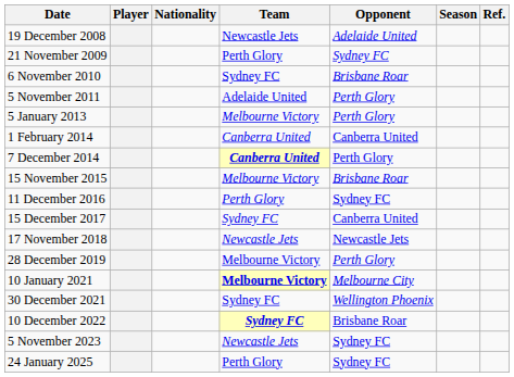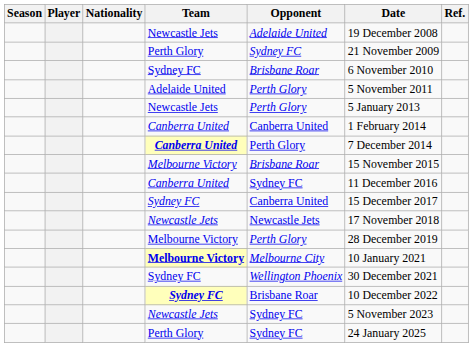 <table class="wikitable sortable plainrowheaders">
 <tr>
-<th>Date</th>
+<th>Season</th>
 <th>Player</th>
 <th>Nationality</th>
 <th>Team</th>
 <th>Opponent</th>
-<th>Season</th>
+<th>Date</th>
 <th class="unsortable">Ref.</th>
 </tr>
 <tr>
-<td>19 December 2008</td>
+<td></td>
 <th scope="row"></th>
 <td></td>
 <td><a href='#'>Newcastle Jets</a></td>
 <td><em><a href='#'>Adelaide United</a></em></td>
-<td></td>
+<td>19 December 2008</td>
 <td align="center"></td>
 </tr>
 <tr>
-<td>21 November 2009</td>
+<td></td>
 <th scope="row"></th>
 <td></td>
 <td><a href='#'>Perth Glory</a></td>
 <td><em><a href='#'>Sydney FC</a></em></td>
-<td></td>
+<td>21 November 2009</td>
 <td align="center"></td>
 </tr>
 <tr>
-<td>6 November 2010</td>
+<td></td>
 <th scope="row"></th>
 <td></td>
 <td><a href='#'>Sydney FC</a></td>
 <td><em><a href='#'>Brisbane Roar</a></em></td>
-<td></td>
+<td>6 November 2010</td>
 <td align="center"></td>
 </tr>
 <tr>
-<td>5 November 2011</td>
+<td></td>
 <th scope="row"></th>
 <td></td>
 <td><a href='#'>Adelaide United</a></td>
 <td><em><a href='#'>Perth Glory</a></em></td>
-<td></td>
+<td>5 November 2011</td>
 <td align="center"></td>
 </tr>
 <tr>
-<td>5 January 2013</td>
+<td></td>
 <th scope="row"></th>
 <td></td>
-<td><em><a href='#'>Melbourne Victory</a></em></td>
+<td><a href='#'>Newcastle Jets</a></td>
 <td><em><a href='#'>Perth Glory</a></em></td>
-<td></td>
+<td>5 January 2013</td>
 <td align="center"></td>
 </tr>
 <tr>
-<td>1 February 2014</td>
+<td></td>
 <th scope="row"></th>
 <td></td>
 <td><em><a href='#'>Canberra United</a></em></td>
 <td><a href='#'>Canberra United</a></td>
-<td></td>
+<td>1 February 2014</td>
 <td align="center"></td>
 </tr>
 <tr>
-<td>7 December 2014</td>
+<td></td>
 <th scope="row"></th>
 <td></td>
 <th scope="row" style="background:#FFFFBB"><em><a href='#'>Canberra United</a></em> </th>
 <td><a href='#'>Perth Glory</a></td>
-<td></td>
+<td>7 December 2014</td>
 <td align="center"></td>
 </tr>
 <tr>
-<td>15 November 2015</td>
+<td></td>
 <th scope="row"></th>
 <td></td>
 <td><em><a href='#'>Melbourne Victory</a></em></td>
 <td><em><a href='#'>Brisbane Roar</a></em></td>
-<td></td>
+<td>15 November 2015</td>
 <td align="center"></td>
 </tr>
 <tr>
-<td>11 December 2016</td>
+<td></td>
 <th scope="row"></th>
 <td></td>
-<td><em><a href='#'>Perth Glory</a></em></td>
+<td><em><a href='#'>Canberra United</a></em></td>
 <td><a href='#'>Sydney FC</a></td>
-<td></td>
+<td>11 December 2016</td>
 <td align="center"></td>
 </tr>
 <tr>
-<td>15 December 2017</td>
+<td></td>
 <th scope="row"></th>
 <td></td>
 <td><em><a href='#'>Sydney FC</a></em></td>
 <td><a href='#'>Canberra United</a></td>
-<td></td>
+<td>15 December 2017</td>
 <td align="center"></td>
 </tr>
 <tr>
-<td>17 November 2018</td>
+<td></td>
 <th scope="row"></th>
 <td></td>
 <td><em><a href='#'>Newcastle Jets</a></em></td>
 <td><a href='#'>Newcastle Jets</a></td>
-<td></td>
+<td>17 November 2018</td>
 <td align="center"></td>
 </tr>
 <tr>
-<td>28 December 2019</td>
+<td></td>
 <th scope="row"></th>
 <td></td>
 <td><a href='#'>Melbourne Victory</a></td>
 <td><em><a href='#'>Perth Glory</a></em></td>
-<td></td>
+<td>28 December 2019</td>
 <td align="center"></td>
 </tr>
 <tr>
-<td>10 January 2021</td>
+<td></td>
 <th scope="row"></th>
 <td></td>
 <th scope="row" style="background:#FFFFBB"><a href='#'>Melbourne Victory</a> </th>
 <td><em><a href='#'>Melbourne City</a></em></td>
-<td></td>
+<td>10 January 2021</td>
 <td align="center"></td>
 </tr>
 <tr>
-<td>30 December 2021</td>
+<td></td>
 <th scope="row"><strong></strong></th>
 <td></td>
 <td><a href='#'>Sydney FC</a></td>
 <td><em><a href='#'>Wellington Phoenix</a></em></td>
-<td></td>
+<td>30 December 2021</td>
 <td align="center"></td>
 </tr>
 <tr>
-<td>10 December 2022</td>
+<td></td>
 <th scope="row"></th>
 <td></td>
 <th scope="row" style="background:#FFFFBB"><em><a href='#'>Sydney FC</a></em> </th>
 <td><a href='#'>Brisbane Roar</a></td>
-<td></td>
+<td>10 December 2022</td>
 <td align="center"></td>
 </tr>
 <tr>
-<td>5 November 2023</td>
+<td></td>
 <th scope="row"><strong></strong></th>
 <td></td>
 <td><em><a href='#'>Newcastle Jets</a></em></td>
 <td><a href='#'>Sydney FC</a></td>
-<td></td>
+<td>5 November 2023</td>
 <td align="center"></td>
 </tr>
 <tr>
-<td>24 January 2025</td>
+<td></td>
 <th scope="row"><strong></strong></th>
 <td></td>
 <td><a href='#'>Perth Glory</a></td>
 <td><a href='#'>Sydney FC</a></td>
-<td></td>
+<td>24 January 2025</td>
 <td align="center"></td>
 </tr>
 </table>
